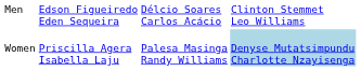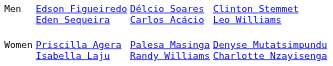 <table>
 <tr>
 <td>Men<br></td>
 <td><br><a href='#'>Edson Figueiredo</a><br><a href='#'>Eden Sequeira</a></td>
 <td><br><a href='#'>Délcio Soares</a><br><a href='#'>Carlos Acácio</a></td>
 <td><br><a href='#'>Clinton Stemmet</a><br><a href='#'>Leo Williams</a></td>
 </tr>
 <tr>
 <td>Women<br></td>
 <td><br><a href='#'>Priscilla Agera</a><br><a href='#'>Isabella Laju</a></td>
 <td><br><a href='#'>Palesa Masinga</a><br><a href='#'>Randy Williams</a></td>
-<td style="background: lightblue;"><br><a href='#'>Denyse Mutatsimpundu</a><br><a href='#'>Charlotte Nzayisenga</a></td>
+<td><br><a href='#'>Denyse Mutatsimpundu</a><br><a href='#'>Charlotte Nzayisenga</a></td>
 </tr>
 </table>
